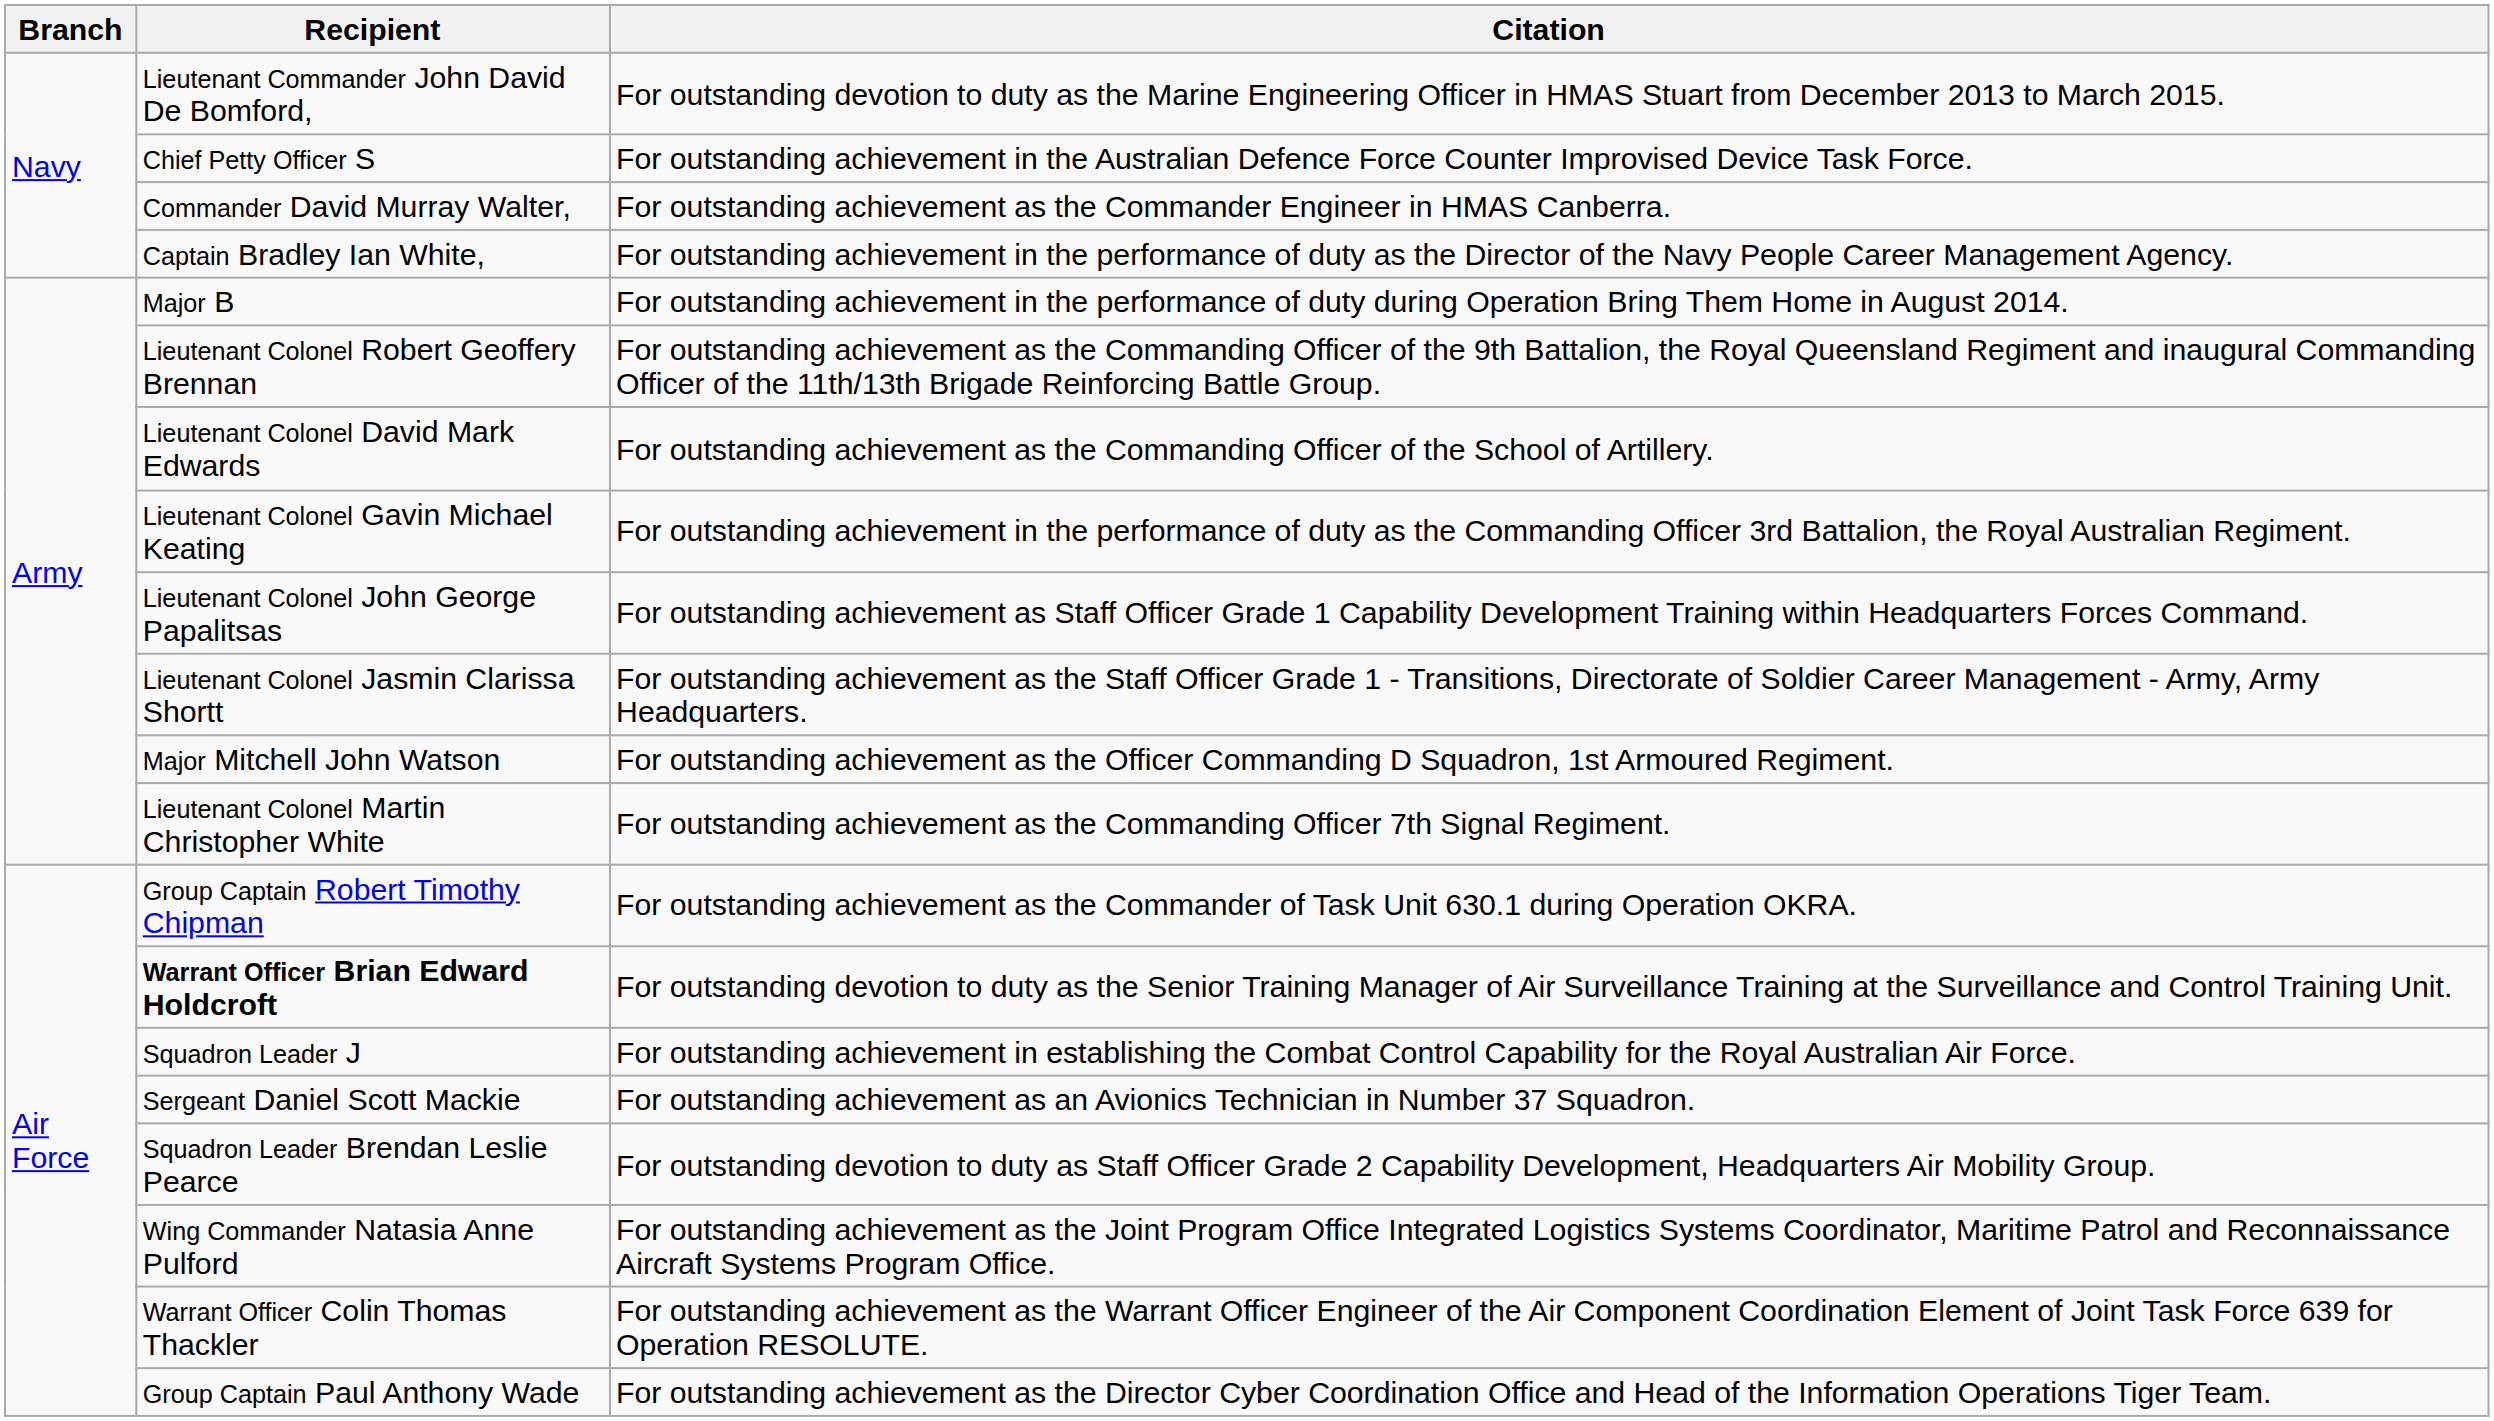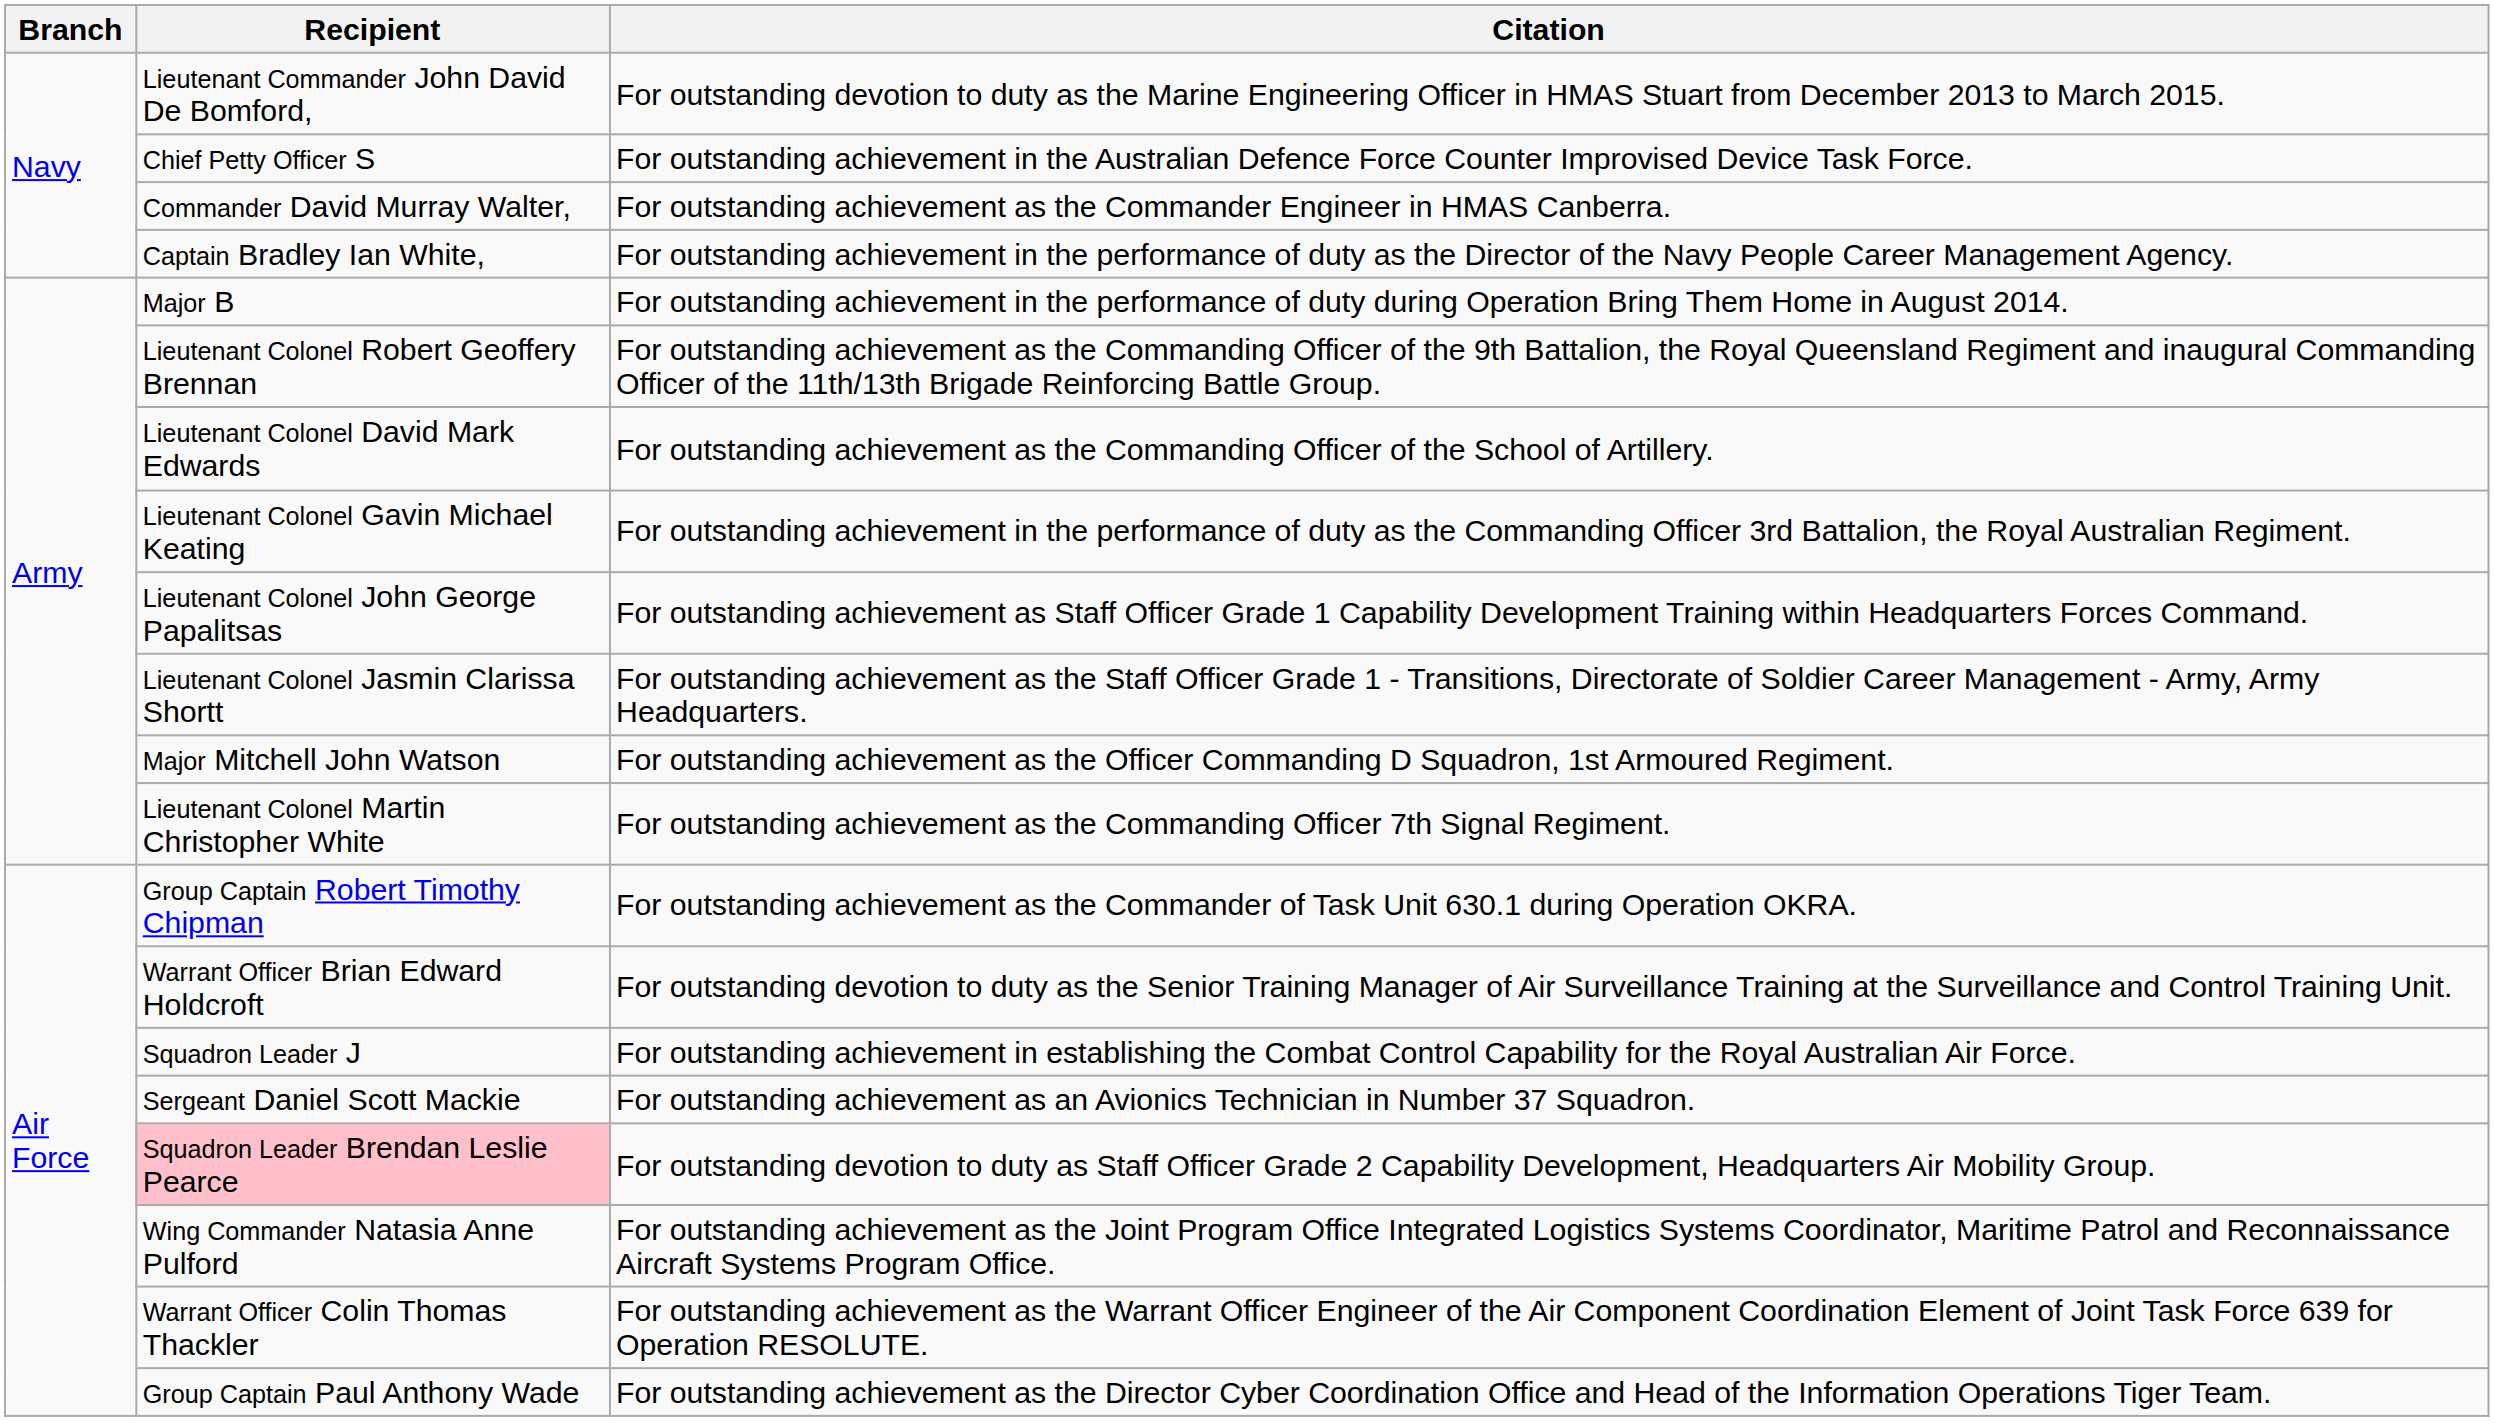 <table class="wikitable" style="font-size:95%;">
 <tr>
 <th>Branch</th>
 <th>Recipient</th>
 <th>Citation</th>
 </tr>
 <tr>
 <td rowspan="4"><a href='#'>Navy</a></td>
 <td><small>Lieutenant Commander</small> John David De Bomford, </td>
 <td>For outstanding devotion to duty as the Marine Engineering Officer in HMAS Stuart from December 2013 to March 2015.</td>
 </tr>
 <tr>
 <td><small>Chief Petty Officer</small> S</td>
 <td>For outstanding achievement in the Australian Defence Force Counter Improvised Device Task Force.</td>
 </tr>
 <tr>
 <td><small>Commander</small> David Murray Walter, </td>
 <td>For outstanding achievement as the Commander Engineer in HMAS Canberra.</td>
 </tr>
 <tr>
 <td><small>Captain</small> Bradley Ian White, </td>
 <td>For outstanding achievement in the performance of duty as the Director of the Navy People Career Management Agency.</td>
 </tr>
 <tr>
 <td rowspan="8"><a href='#'>Army</a></td>
 <td><small>Major</small> B</td>
 <td>For outstanding achievement in the performance of duty during Operation Bring Them Home in August 2014.</td>
 </tr>
 <tr>
 <td><small>Lieutenant Colonel</small> Robert Geoffery Brennan</td>
 <td>For outstanding achievement as the Commanding Officer of the 9th Battalion, the Royal Queensland Regiment and inaugural Commanding Officer of the 11th/13th Brigade Reinforcing Battle Group.</td>
 </tr>
 <tr>
 <td><small>Lieutenant Colonel</small> David Mark Edwards</td>
 <td>For outstanding achievement as the Commanding Officer of the School of Artillery.</td>
 </tr>
 <tr>
 <td><small>Lieutenant Colonel</small> Gavin Michael Keating</td>
 <td>For outstanding achievement in the performance of duty as the Commanding Officer 3rd Battalion, the Royal Australian Regiment.</td>
 </tr>
 <tr>
 <td><small>Lieutenant Colonel</small> John George Papalitsas</td>
 <td>For outstanding achievement as Staff Officer Grade 1 Capability Development Training within Headquarters Forces Command.</td>
 </tr>
 <tr>
 <td><small>Lieutenant Colonel</small> Jasmin Clarissa Shortt</td>
 <td>For outstanding achievement as the Staff Officer Grade 1 - Transitions, Directorate of Soldier Career Management - Army, Army Headquarters.</td>
 </tr>
 <tr>
 <td><small>Major</small> Mitchell John Watson</td>
 <td>For outstanding achievement as the Officer Commanding D Squadron, 1st Armoured Regiment.</td>
 </tr>
 <tr>
 <td><small>Lieutenant Colonel</small> Martin Christopher White</td>
 <td>For outstanding achievement as the Commanding Officer 7th Signal Regiment.</td>
 </tr>
 <tr>
 <td rowspan="8"><a href='#'>Air Force</a></td>
 <td><small>Group Captain</small> <a href='#'>Robert Timothy Chipman</a></td>
 <td>For outstanding achievement as the Commander of Task Unit 630.1 during Operation OKRA.</td>
 </tr>
 <tr>
-<td><strong><small>Warrant Officer</small> Brian Edward Holdcroft</strong></td>
+<td><small>Warrant Officer</small> Brian Edward Holdcroft</td>
 <td>For outstanding devotion to duty as the Senior Training Manager of Air Surveillance Training at the Surveillance and Control Training Unit.</td>
 </tr>
 <tr>
 <td><small>Squadron Leader</small> J</td>
 <td>For outstanding achievement in establishing the Combat Control Capability for the Royal Australian Air Force.</td>
 </tr>
 <tr>
 <td><small>Sergeant</small> Daniel Scott Mackie</td>
 <td>For outstanding achievement as an Avionics Technician in Number 37 Squadron.</td>
 </tr>
 <tr>
-<td><small>Squadron Leader</small> Brendan Leslie Pearce</td>
+<td style="background: pink;"><small>Squadron Leader</small> Brendan Leslie Pearce</td>
 <td>For outstanding devotion to duty as Staff Officer Grade 2 Capability Development, Headquarters Air Mobility Group.</td>
 </tr>
 <tr>
 <td><small>Wing Commander</small> Natasia Anne Pulford</td>
 <td>For outstanding achievement as the Joint Program Office Integrated Logistics Systems Coordinator, Maritime Patrol and Reconnaissance Aircraft Systems Program Office.</td>
 </tr>
 <tr>
 <td><small>Warrant Officer</small> Colin Thomas Thackler</td>
 <td>For outstanding achievement as the Warrant Officer Engineer of the Air Component Coordination Element of Joint Task Force 639 for Operation RESOLUTE.</td>
 </tr>
 <tr>
 <td><small>Group Captain</small> Paul Anthony Wade</td>
 <td>For outstanding achievement as the Director Cyber Coordination Office and Head of the Information Operations Tiger Team.</td>
 </tr>
 </table>
